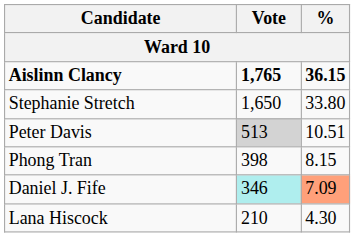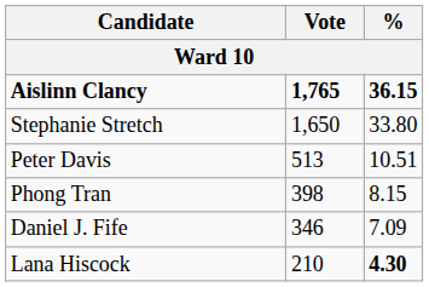 <table class="wikitable">
 <tr>
 <th bgcolor="#DDDDFF" width="200px">Candidate</th>
 <th bgcolor="#DDDDFF" width="50px">Vote</th>
 <th bgcolor="#DDDDFF" width="30px">%</th>
 </tr>
 <tr>
 <th colspan="3">Ward 10</th>
 </tr>
 <tr>
 <td><strong>Aislinn Clancy</strong></td>
 <td><strong>1,765</strong></td>
 <td><strong>36.15</strong></td>
 </tr>
 <tr>
 <td>Stephanie Stretch</td>
 <td>1,650</td>
 <td>33.80</td>
 </tr>
 <tr>
 <td>Peter Davis</td>
-<td style="background: lightgrey;">513</td>
+<td>513</td>
 <td>10.51</td>
 </tr>
 <tr>
 <td>Phong Tran</td>
 <td>398</td>
 <td>8.15</td>
 </tr>
 <tr>
 <td>Daniel J. Fife</td>
-<td style="background: paleturquoise;">346</td>
-<td style="background: lightsalmon;">7.09</td>
+<td>346</td>
+<td>7.09</td>
 </tr>
 <tr>
 <td>Lana Hiscock</td>
 <td>210</td>
-<td>4.30</td>
+<td><strong>4.30</strong></td>
 </tr>
 </table>
